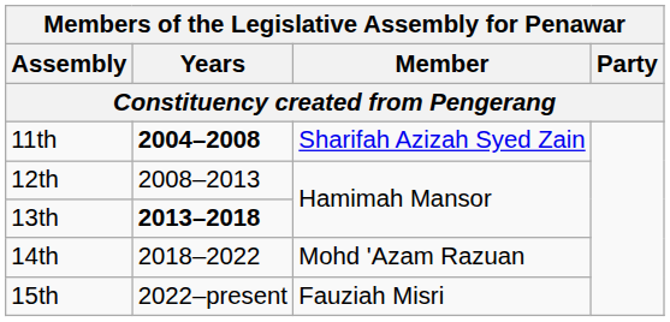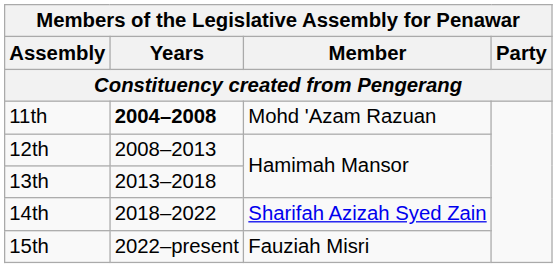 <table class="wikitable">
 <tr>
 <th colspan="4">Members of the Legislative Assembly for Penawar</th>
 </tr>
 <tr>
 <th>Assembly</th>
 <th>Years</th>
 <th>Member</th>
 <th>Party</th>
 </tr>
 <tr>
 <th colspan="4"><em>Constituency created from Pengerang</em></th>
 </tr>
 <tr>
 <td>11th</td>
 <td><strong>2004–2008</strong></td>
-<td><a href='#'>Sharifah Azizah Syed Zain</a></td>
+<td>Mohd 'Azam Razuan</td>
 <td rowspan="5"></td>
 </tr>
 <tr>
 <td>12th</td>
 <td>2008–2013</td>
 <td rowspan="2">Hamimah Mansor</td>
 </tr>
 <tr>
 <td>13th</td>
-<td><strong>2013–2018</strong></td>
+<td>2013–2018</td>
 </tr>
 <tr>
 <td>14th</td>
 <td>2018–2022</td>
-<td>Mohd 'Azam Razuan</td>
+<td><a href='#'>Sharifah Azizah Syed Zain</a></td>
 </tr>
 <tr>
 <td>15th</td>
 <td>2022–present</td>
 <td>Fauziah Misri</td>
 </tr>
 </table>
